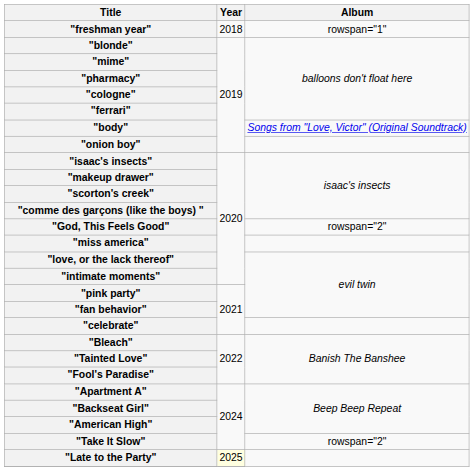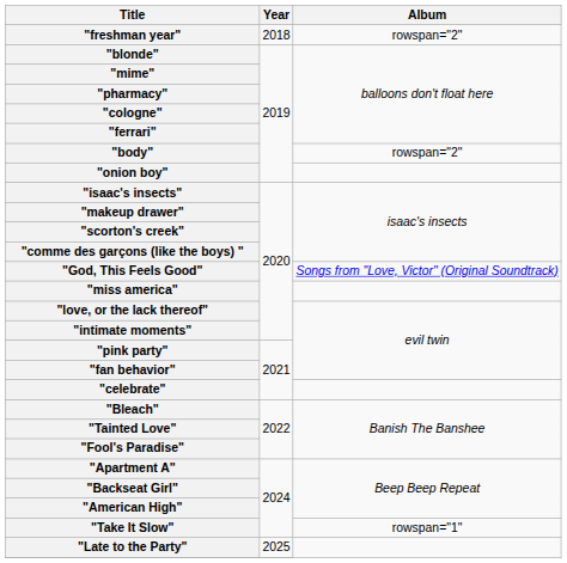 <table class="wikitable plainrowheaders" style="text-align:center;">
 <tr>
 <th scope="col" style="width:20em;">Title</th>
 <th scope="col">Year</th>
 <th scope="col">Album</th>
 </tr>
 <tr>
 <th scope="row">"freshman year"</th>
 <td>2018</td>
-<td>rowspan="1" </td>
+<td>rowspan="2" </td>
 </tr>
 <tr>
 <th scope="row">"blonde"</th>
 <td rowspan="7">2019</td>
 <td rowspan="5"><em>balloons don't float here</em></td>
 </tr>
 <tr>
 <th scope="row">"mime"</th>
 </tr>
 <tr>
 <th scope="row">"pharmacy"</th>
 </tr>
 <tr>
 <th scope="row">"cologne"</th>
 </tr>
 <tr>
 <th scope="row">"ferrari"</th>
 </tr>
 <tr>
 <th scope="row">"body"</th>
-<td><em><a href='#'>Songs from "Love, Victor" (Original Soundtrack)</a></em></td>
+<td>rowspan="2" </td>
 </tr>
 <tr>
 <th scope="row">"onion boy"</th>
 </tr>
 <tr>
 <th scope="row">"isaac's insects"</th>
 <td rowspan="8">2020</td>
 <td rowspan="4"><em>isaac's insects</em></td>
 </tr>
 <tr>
 <th scope="row">"makeup drawer"</th>
 </tr>
 <tr>
 <th scope="row">"scorton's creek"</th>
 </tr>
 <tr>
 <th scope="row">"comme des garçons (like the boys) "</th>
 </tr>
 <tr>
 <th scope="row">"God, This Feels Good"</th>
-<td>rowspan="2" </td>
+<td><em><a href='#'>Songs from "Love, Victor" (Original Soundtrack)</a></em></td>
 </tr>
 <tr>
 <th scope="row">"miss america"</th>
 <td></td>
 </tr>
 <tr>
 <th scope="row">"love, or the lack thereof"</th>
 <td rowspan="4"><em>evil twin</em></td>
 </tr>
 <tr>
 <th scope="row">"intimate moments"</th>
 </tr>
 <tr>
 <th scope="row">"pink party"</th>
 <td rowspan="3">2021</td>
 </tr>
 <tr>
 <th scope="row">"fan behavior"</th>
 </tr>
 <tr>
 <th scope="row">"celebrate"</th>
 <td></td>
 </tr>
 <tr>
 <th scope="row">"Bleach"</th>
 <td rowspan="3">2022</td>
 <td rowspan="3"><em>Banish The Banshee</em></td>
 </tr>
 <tr>
 <th scope="row">"Tainted Love"</th>
 </tr>
 <tr>
 <th scope="row">"Fool's Paradise"</th>
 </tr>
 <tr>
 <th scope="row">"Apartment A"</th>
 <td rowspan="4">2024</td>
 <td rowspan="3"><em>Beep Beep Repeat</em></td>
 </tr>
 <tr>
 <th scope="row">"Backseat Girl"</th>
 </tr>
 <tr>
 <th scope="row">"American High"</th>
 </tr>
 <tr>
 <th scope="row">"Take It Slow"</th>
-<td>rowspan="2" </td>
+<td>rowspan="1" </td>
 </tr>
 <tr>
 <th scope="row">"Late to the Party"</th>
-<td style="background: lightyellow;">2025</td>
+<td>2025</td>
 </tr>
 <tr>
 </tr>
 </table>
